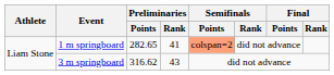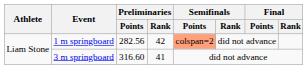 <table class=wikitable style="font-size:90%;">
 <tr>
 <th rowspan="2">Athlete</th>
 <th rowspan="2">Event</th>
 <th colspan="2">Preliminaries</th>
 <th colspan="2">Semifinals</th>
 <th colspan="2">Final</th>
 </tr>
 <tr style="font-size:95%">
 <th>Points</th>
 <th>Rank</th>
 <th>Points</th>
 <th>Rank</th>
 <th>Points</th>
 <th>Rank</th>
 </tr>
 <tr align=center>
 <td align=left rowspan=2>Liam Stone</td>
 <td align=left><a href='#'>1 m springboard</a></td>
-<td>282.65</td>
-<td>41</td>
+<td>282.56</td>
+<td>42</td>
 <td style="background: lightsalmon;">colspan=2 </td>
 <td colspan=2>did not advance</td>
 </tr>
 <tr align=center>
 <td align=left><a href='#'>3 m springboard</a></td>
-<td>316.62</td>
-<td>43</td>
+<td>316.60</td>
+<td>41</td>
 <td colspan=4>did not advance</td>
 </tr>
 </table>
